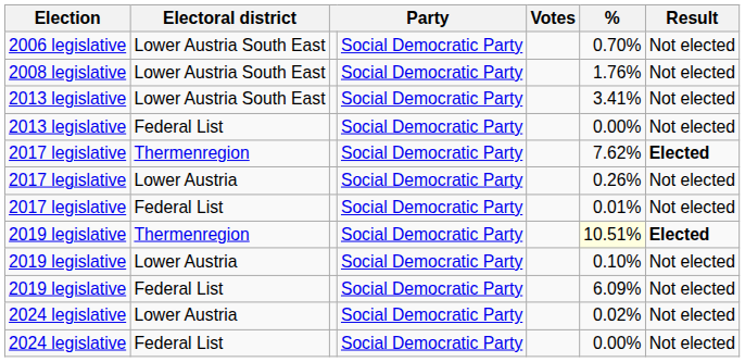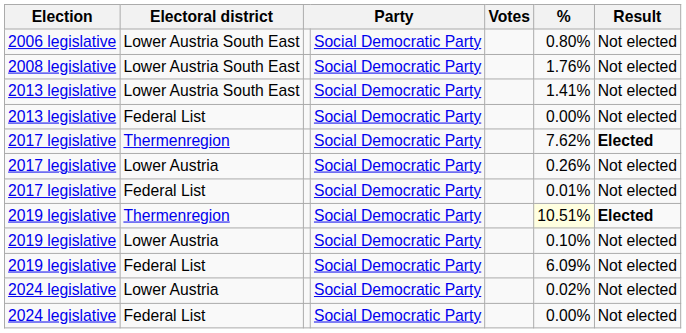 <table class="wikitable" style="text-align:left;">
 <tr>
 <th scope=col>Election</th>
 <th scope=col>Electoral district</th>
 <th scope=col colspan="2">Party</th>
 <th scope=col>Votes</th>
 <th scope=col>%</th>
 <th scope=col>Result</th>
 </tr>
 <tr>
 <td><a href='#'>2006 legislative</a></td>
 <td>Lower Austria South East</td>
 <td style="background:"></td>
 <td><a href='#'>Social Democratic Party</a></td>
 <td align=right></td>
-<td align=right>0.70%</td>
+<td align=right>0.80%</td>
 <td>Not elected</td>
 </tr>
 <tr>
 <td><a href='#'>2008 legislative</a></td>
 <td>Lower Austria South East</td>
 <td style="background:"></td>
 <td><a href='#'>Social Democratic Party</a></td>
 <td align=right></td>
 <td align=right>1.76%</td>
 <td>Not elected</td>
 </tr>
 <tr>
 <td><a href='#'>2013 legislative</a></td>
 <td>Lower Austria South East</td>
 <td style="background:"></td>
 <td><a href='#'>Social Democratic Party</a></td>
 <td align=right></td>
-<td align=right>3.41%</td>
+<td align=right>1.41%</td>
 <td>Not elected</td>
 </tr>
 <tr>
 <td><a href='#'>2013 legislative</a></td>
 <td>Federal List</td>
 <td style="background:"></td>
 <td><a href='#'>Social Democratic Party</a></td>
 <td align=right></td>
 <td align=right>0.00%</td>
 <td>Not elected</td>
 </tr>
 <tr>
 <td><a href='#'>2017 legislative</a></td>
 <td><a href='#'>Thermenregion</a></td>
 <td style="background:"></td>
 <td><a href='#'>Social Democratic Party</a></td>
 <td align=right></td>
 <td align=right>7.62%</td>
 <td><strong>Elected</strong></td>
 </tr>
 <tr>
 <td><a href='#'>2017 legislative</a></td>
 <td>Lower Austria</td>
 <td style="background:"></td>
 <td><a href='#'>Social Democratic Party</a></td>
 <td align=right></td>
 <td align=right>0.26%</td>
 <td>Not elected</td>
 </tr>
 <tr>
 <td><a href='#'>2017 legislative</a></td>
 <td>Federal List</td>
 <td style="background:"></td>
 <td><a href='#'>Social Democratic Party</a></td>
 <td align=right></td>
 <td align=right>0.01%</td>
 <td>Not elected</td>
 </tr>
 <tr>
 <td><a href='#'>2019 legislative</a></td>
 <td><a href='#'>Thermenregion</a></td>
 <td style="background:"></td>
 <td><a href='#'>Social Democratic Party</a></td>
 <td align=right></td>
 <td align=right style="background: lightyellow;">10.51%</td>
 <td><strong>Elected</strong></td>
 </tr>
 <tr>
 <td><a href='#'>2019 legislative</a></td>
 <td>Lower Austria</td>
 <td style="background:"></td>
 <td><a href='#'>Social Democratic Party</a></td>
 <td align=right></td>
 <td align=right>0.10%</td>
 <td>Not elected</td>
 </tr>
 <tr>
 <td><a href='#'>2019 legislative</a></td>
 <td>Federal List</td>
 <td style="background:"></td>
 <td><a href='#'>Social Democratic Party</a></td>
 <td align=right></td>
 <td align=right>6.09%</td>
 <td>Not elected</td>
 </tr>
 <tr>
 <td><a href='#'>2024 legislative</a></td>
 <td>Lower Austria</td>
 <td style="background:"></td>
 <td><a href='#'>Social Democratic Party</a></td>
 <td align=right></td>
 <td align=right>0.02%</td>
 <td>Not elected</td>
 </tr>
 <tr>
 <td><a href='#'>2024 legislative</a></td>
 <td>Federal List</td>
 <td style="background:"></td>
 <td><a href='#'>Social Democratic Party</a></td>
 <td align=right></td>
 <td align=right>0.00%</td>
 <td>Not elected</td>
 </tr>
 </table>
